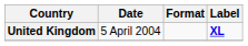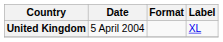 <table class="wikitable plainrowheaders">
 <tr>
 <th scope="col">Country</th>
 <th scope="col">Date</th>
 <th scope="col">Format</th>
 <th scope="col">Label</th>
 </tr>
 <tr>
 <th scope="row" rowspan="1">United Kingdom</th>
 <td>5 April 2004</td>
 <td></td>
-<td rowspan="1"><strong><a href='#'>XL</a></strong></td>
+<td rowspan="1"><a href='#'>XL</a></td>
 </tr>
 <tr>
 </tr>
 </table>
